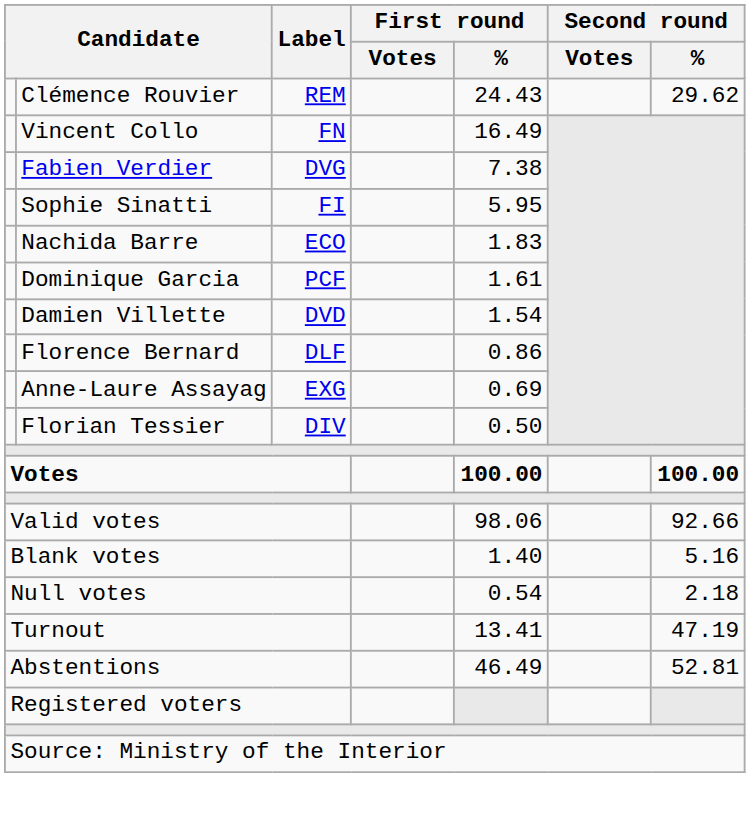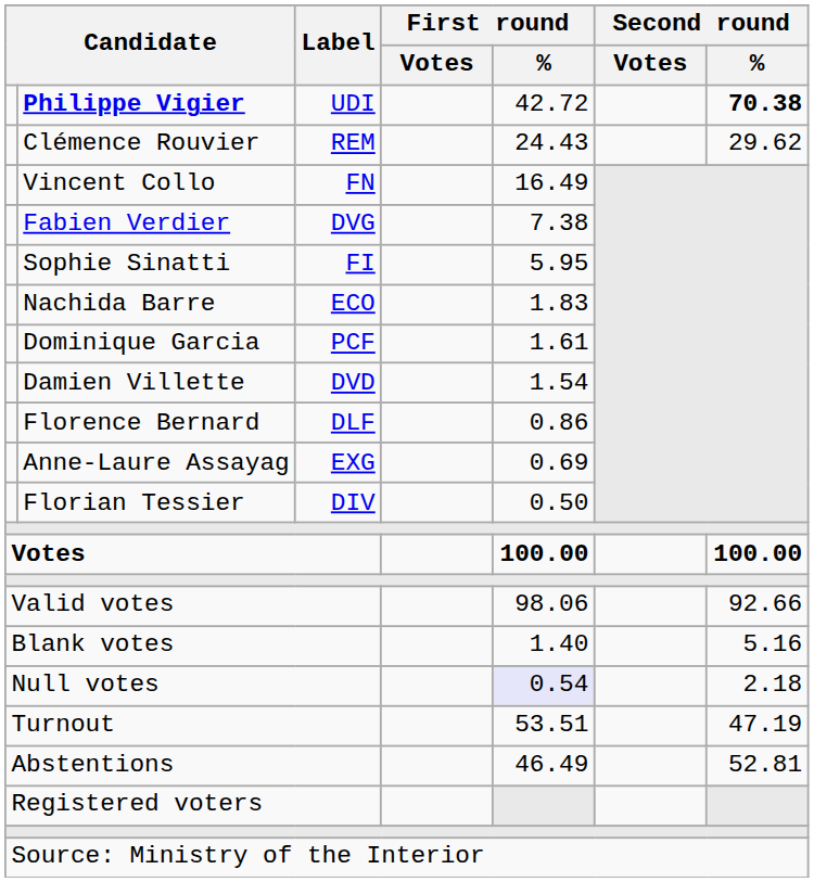 <table class="wikitable" style="text-align:right;font-size:95%;">
 <tr>
 <th rowspan="2" colspan="2">Candidate</th>
 <th rowspan="2">Label</th>
 <th colspan="2">First round</th>
 <th colspan="2">Second round</th>
 </tr>
 <tr>
 <th style="width:50px;">Votes</th>
 <th style="width:45px;">%</th>
 <th style="width:50px;">Votes</th>
 <th style="width:45px;">%</th>
+</tr>
+<tr>
+<td style="color:inherit;background:"></td>
+<td style="text-align:left;"><strong><a href='#'>Philippe Vigier</a></strong></td>
+<td><a href='#'>UDI</a></td>
+<td></td>
+<td>42.72</td>
+<td><strong></strong></td>
+<td><strong>70.38</strong></td>
 </tr>
 <tr>
 <td style="color:inherit;background:"></td>
 <td style="text-align:left;">Clémence Rouvier</td>
 <td><a href='#'>REM</a></td>
 <td></td>
 <td>24.43</td>
 <td></td>
 <td>29.62</td>
 </tr>
 <tr>
 <td style="color:inherit;background:"></td>
 <td style="text-align:left;">Vincent Collo</td>
 <td><a href='#'>FN</a></td>
 <td></td>
 <td>16.49</td>
 <td colspan="2" rowspan="9" style="background:#E9E9E9;"></td>
 </tr>
 <tr>
 <td style="color:inherit;background:"></td>
 <td style="text-align:left;"><a href='#'>Fabien Verdier</a></td>
 <td><a href='#'>DVG</a></td>
 <td></td>
 <td>7.38</td>
 </tr>
 <tr>
 <td style="color:inherit;background:"></td>
 <td style="text-align:left;">Sophie Sinatti</td>
 <td><a href='#'>FI</a></td>
 <td></td>
 <td>5.95</td>
 </tr>
 <tr>
 <td style="color:inherit;background:"></td>
 <td style="text-align:left;">Nachida Barre</td>
 <td><a href='#'>ECO</a></td>
 <td></td>
 <td>1.83</td>
 </tr>
 <tr>
 <td style="color:inherit;background:"></td>
 <td style="text-align:left;">Dominique Garcia</td>
 <td><a href='#'>PCF</a></td>
 <td></td>
 <td>1.61</td>
 </tr>
 <tr>
 <td style="color:inherit;background:"></td>
 <td style="text-align:left;">Damien Villette</td>
 <td><a href='#'>DVD</a></td>
 <td></td>
 <td>1.54</td>
 </tr>
 <tr>
 <td style="color:inherit;background:"></td>
 <td style="text-align:left;">Florence Bernard</td>
 <td><a href='#'>DLF</a></td>
 <td></td>
 <td>0.86</td>
 </tr>
 <tr>
 <td style="color:inherit;background:"></td>
 <td style="text-align:left;">Anne-Laure Assayag</td>
 <td><a href='#'>EXG</a></td>
 <td></td>
 <td>0.69</td>
 </tr>
 <tr>
 <td style="color:inherit;background:"></td>
 <td style="text-align:left;">Florian Tessier</td>
 <td><a href='#'>DIV</a></td>
 <td></td>
 <td>0.50</td>
 </tr>
 <tr>
 <td colspan="7" style="background:#E9E9E9;"></td>
 </tr>
 <tr style="font-weight:bold;">
 <td colspan="3" style="text-align:left;">Votes</td>
 <td></td>
 <td>100.00</td>
 <td></td>
 <td>100.00</td>
 </tr>
 <tr>
 <td colspan="7" style="background:#E9E9E9;"></td>
 </tr>
 <tr>
 <td colspan="3" style="text-align:left;">Valid votes</td>
 <td></td>
 <td>98.06</td>
 <td></td>
 <td>92.66</td>
 </tr>
 <tr>
 <td colspan="3" style="text-align:left;">Blank votes</td>
 <td></td>
 <td>1.40</td>
 <td></td>
 <td>5.16</td>
 </tr>
 <tr>
 <td colspan="3" style="text-align:left;">Null votes</td>
 <td></td>
-<td>0.54</td>
+<td style="background: lavender;">0.54</td>
 <td></td>
 <td>2.18</td>
 </tr>
 <tr>
 <td colspan="3" style="text-align:left;">Turnout</td>
 <td></td>
-<td>13.41</td>
+<td>53.51</td>
 <td></td>
 <td>47.19</td>
 </tr>
 <tr>
 <td colspan="3" style="text-align:left;">Abstentions</td>
 <td></td>
 <td>46.49</td>
 <td></td>
 <td>52.81</td>
 </tr>
 <tr>
 <td colspan="3" style="text-align:left;">Registered voters</td>
 <td></td>
 <td style="background:#E9E9E9;"></td>
 <td></td>
 <td style="background:#E9E9E9;"></td>
 </tr>
 <tr>
 <td colspan="7" style="background:#E9E9E9;"></td>
 </tr>
 <tr>
 <td colspan="7" style="text-align:left;">Source: Ministry of the Interior</td>
 </tr>
 </table>
